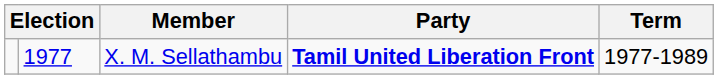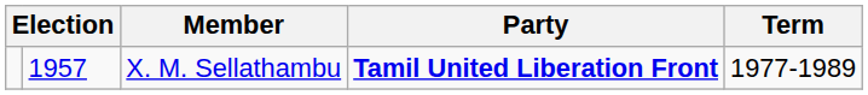 <table class="wikitable">
 <tr>
 <th colspan="2">Election</th>
 <th>Member</th>
 <th>Party</th>
 <th>Term</th>
 </tr>
 <tr>
 <td style="background-color: "></td>
-<td><a href='#'>1977</a></td>
+<td><a href='#'>1957</a></td>
 <td><a href='#'>X. M. Sellathambu</a></td>
 <td><strong><a href='#'>Tamil United Liberation Front</a></strong></td>
 <td>1977-1989</td>
 </tr>
 </table>
